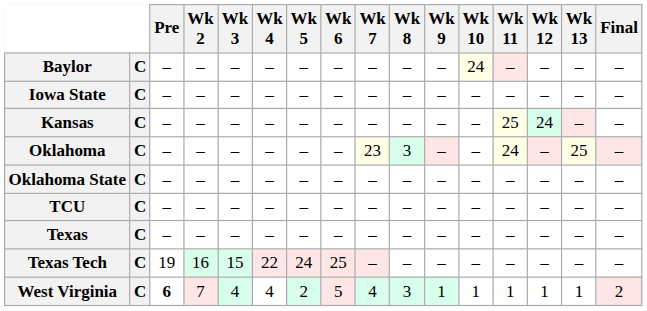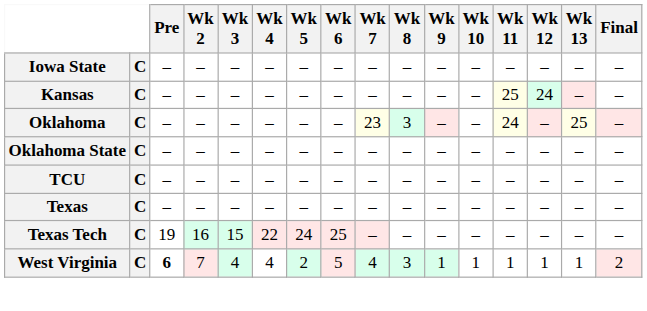 <table class="wikitable" style="white-space:nowrap;font-size:90%;">
 <tr>
 <th colspan=2 style="background:white; border-top-style:hidden; border-left-style:hidden;"> </th>
 <th>Pre</th>
 <th>Wk<br>2</th>
 <th>Wk<br>3</th>
 <th>Wk<br>4</th>
 <th>Wk<br>5</th>
 <th>Wk<br>6</th>
 <th>Wk<br>7</th>
 <th>Wk<br>8</th>
 <th>Wk<br>9</th>
 <th>Wk<br>10</th>
 <th>Wk<br>11</th>
 <th>Wk<br>12</th>
 <th>Wk<br>13</th>
 <th>Final</th>
-</tr>
-<tr style="text-align:center;">
-<th style="background:#">Baylor</th>
-<th>C</th>
-<td style="background:#FFF;"> –</td>
-<td style="background:#FFF;"> –</td>
-<td style="background:#FFF;"> –</td>
-<td style="background:#FFF;"> –</td>
-<td style="background:#FFF;"> –</td>
-<td style="background:#FFF;"> –</td>
-<td style="background:#FFF;"> –</td>
-<td style="background:#FFF;"> –</td>
-<td style="background:#FFF;"> –</td>
-<td style="background:#FFFFE6;"> 24</td>
-<td style="background:#FFE6E6;"> –</td>
-<td style="background:#FFF;"> –</td>
-<td style="background:#FFF;"> –</td>
-<td style="background:#FFF;"> –</td>
 </tr>
 <tr style="text-align:center;">
 <th style="background:#">Iowa State</th>
 <th>C</th>
 <td style="background:#FFF;"> –</td>
 <td style="background:#FFF;"> –</td>
 <td style="background:#FFF;"> –</td>
 <td style="background:#FFF;"> –</td>
 <td style="background:#FFF;"> –</td>
 <td style="background:#FFF;"> –</td>
 <td style="background:#FFF;"> –</td>
 <td style="background:#FFF;"> –</td>
 <td style="background:#FFF;"> –</td>
 <td style="background:#FFF;"> –</td>
 <td style="background:#FFF;"> –</td>
 <td style="background:#FFF;"> –</td>
 <td style="background:#FFF;"> –</td>
 <td style="background:#FFF;"> –</td>
 </tr>
 <tr style="text-align:center;">
 <th style="background:#">Kansas</th>
 <th>C</th>
 <td style="background:#FFF;"> –</td>
 <td style="background:#FFF;"> –</td>
 <td style="background:#FFF;"> –</td>
 <td style="background:#FFF;"> –</td>
 <td style="background:#FFF;"> –</td>
 <td style="background:#FFF;"> –</td>
 <td style="background:#FFF;"> –</td>
 <td style="background:#FFF;"> –</td>
 <td style="background:#FFF;"> –</td>
 <td style="background:#FFF;"> –</td>
 <td style="background:#FFFFE6;"> 25</td>
 <td style="background:#D8FFEB;"> 24</td>
 <td style="background:#FFE6E6;"> –</td>
 <td style="background:#FFF;"> –</td>
 </tr>
 <tr style="text-align:center;">
 <th style="background:#">Oklahoma</th>
 <th>C</th>
 <td style="background:#FFF;"> –</td>
 <td style="background:#FFF;"> –</td>
 <td style="background:#FFF;"> –</td>
 <td style="background:#FFF;"> –</td>
 <td style="background:#FFF;"> –</td>
 <td style="background:#FFF;"> –</td>
 <td style="background:#FFFFE6;"> 23</td>
 <td style="background:#D8FFEB;"> 3</td>
 <td style="background:#FFE6E6;"> –</td>
 <td style="background:#FFF;"> –</td>
 <td style="background:#FFFFE6;"> 24</td>
 <td style="background:#FFE6E6;"> –</td>
 <td style="background:#FFFFE6;"> 25</td>
 <td style="background:#FFE6E6;"> –</td>
 </tr>
 <tr style="text-align:center;">
 <th style="background:#">Oklahoma State</th>
 <th>C</th>
 <td style="background:#FFF;"> –</td>
 <td style="background:#FFF;"> –</td>
 <td style="background:#FFF;"> –</td>
 <td style="background:#FFF;"> –</td>
 <td style="background:#FFF;"> –</td>
 <td style="background:#FFF;"> –</td>
 <td style="background:#FFF;"> –</td>
 <td style="background:#FFF;"> –</td>
 <td style="background:#FFF;"> –</td>
 <td style="background:#FFF;"> –</td>
 <td style="background:#FFF;"> –</td>
 <td style="background:#FFF;"> –</td>
 <td style="background:#FFF;"> –</td>
 <td style="background:#FFF;"> –</td>
 </tr>
 <tr style="text-align:center;">
 <th style="background:#">TCU</th>
 <th>C</th>
 <td style="background:#FFF;"> –</td>
 <td style="background:#FFF;"> –</td>
 <td style="background:#FFF;"> –</td>
 <td style="background:#FFF;"> –</td>
 <td style="background:#FFF;"> –</td>
 <td style="background:#FFF;"> –</td>
 <td style="background:#FFF;"> –</td>
 <td style="background:#FFF;"> –</td>
 <td style="background:#FFF;"> –</td>
 <td style="background:#FFF;"> –</td>
 <td style="background:#FFF;"> –</td>
 <td style="background:#FFF;"> –</td>
 <td style="background:#FFF;"> –</td>
 <td style="background:#FFF;"> –</td>
 </tr>
 <tr style="text-align:center;">
 <th style="background:#">Texas</th>
 <th>C</th>
 <td style="background:#FFF;"> –</td>
 <td style="background:#FFF;"> –</td>
 <td style="background:#FFF;"> –</td>
 <td style="background:#FFF;"> –</td>
 <td style="background:#FFF;"> –</td>
 <td style="background:#FFF;"> –</td>
 <td style="background:#FFF;"> –</td>
 <td style="background:#FFF;"> –</td>
 <td style="background:#FFF;"> –</td>
 <td style="background:#FFF;"> –</td>
 <td style="background:#FFF;"> –</td>
 <td style="background:#FFF;"> –</td>
 <td style="background:#FFF;"> –</td>
 <td style="background:#FFF;"> –</td>
 </tr>
 <tr style="text-align:center;">
 <th style="background:#">Texas Tech</th>
 <th>C</th>
 <td style="background:#FFF;"> 19</td>
 <td style="background:#D8FFEB;"> 16</td>
 <td style="background:#D8FFEB;"> 15</td>
 <td style="background:#FFE6E6;"> 22</td>
 <td style="background:#FFE6E6;"> 24</td>
 <td style="background:#FFE6E6;"> 25</td>
 <td style="background:#FFE6E6;"> –</td>
 <td style="background:#FFF;"> –</td>
 <td style="background:#FFF;"> –</td>
 <td style="background:#FFF;"> –</td>
 <td style="background:#FFF;"> –</td>
 <td style="background:#FFF;"> –</td>
 <td style="background:#FFF;"> –</td>
 <td style="background:#FFF;"> –</td>
 </tr>
 <tr style="text-align:center;">
 <th style="background:#">West Virginia</th>
 <th>C</th>
 <td style="background:#FFF;"><strong> 6</strong></td>
 <td style="background:#FFE6E6;"> 7</td>
 <td style="background:#D8FFEB;"> 4</td>
 <td style="background:#FFF;"> 4</td>
 <td style="background:#D8FFEB;"> 2</td>
 <td style="background:#FFE6E6;"> 5</td>
 <td style="background:#D8FFEB;"> 4</td>
 <td style="background:#D8FFEB;"> 3</td>
 <td style="background:#D8FFEB;"> 1</td>
 <td style="background:#FFF;"> 1</td>
 <td style="background:#FFF;"> 1</td>
 <td style="background:#FFF;"> 1</td>
 <td style="background:#FFF;"> 1</td>
 <td style="background:#FFE6E6;"> 2</td>
 </tr>
 </table>
